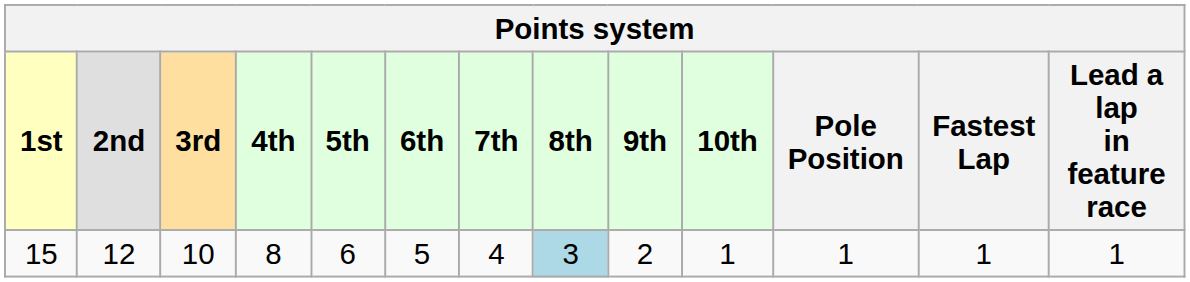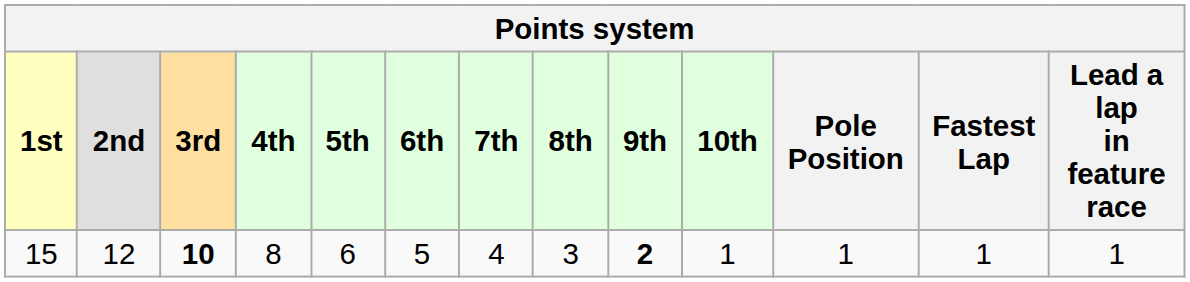 <table class="wikitable" style="font-size:95%; text-align:center">
 <tr>
 <th colspan="19">Points system</th>
 </tr>
 <tr>
 <td style="background:#ffffbf;"> <strong>1st</strong> </td>
 <td style="background:#dfdfdf;"> <strong>2nd</strong> </td>
 <td style="background:#ffdf9f;"> <strong>3rd</strong> </td>
 <td style="background:#dfffdf;"> <strong>4th</strong> </td>
 <td style="background:#dfffdf;"> <strong>5th</strong> </td>
 <td style="background:#dfffdf;"> <strong>6th</strong> </td>
 <td style="background:#dfffdf;"> <strong>7th</strong> </td>
 <td style="background:#dfffdf;"> <strong>8th</strong> </td>
 <td style="background:#dfffdf;"> <strong>9th</strong> </td>
 <td style="background:#dfffdf;"> <strong>10th</strong> </td>
 <th>Pole Position</th>
 <th>Fastest Lap</th>
 <th>Lead a lap<br>in feature race</th>
 </tr>
 <tr>
 <td>15</td>
 <td>12</td>
-<td>10</td>
+<td><strong>10</strong></td>
 <td>8</td>
 <td>6</td>
 <td>5</td>
 <td>4</td>
-<td style="background: lightblue;">3</td>
-<td>2</td>
+<td>3</td>
+<td><strong>2</strong></td>
 <td>1</td>
 <td>1</td>
 <td>1</td>
 <td>1</td>
 </tr>
 </table>
